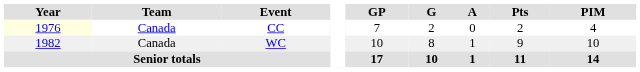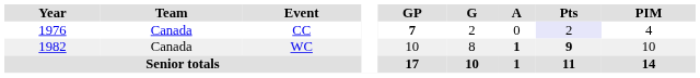 <table border="0" cellpadding="1" cellspacing="0" style="text-align:center; width:50em">
 <tr ALIGN="center" bgcolor="#e0e0e0">
 <th>Year</th>
 <th>Team</th>
 <th>Event</th>
 <th rowspan="99" bgcolor="#ffffff"> </th>
 <th>GP</th>
 <th>G</th>
 <th>A</th>
 <th>Pts</th>
 <th>PIM</th>
 </tr>
 <tr>
-<td style="background: lightyellow;"><a href='#'>1976</a></td>
+<td><a href='#'>1976</a></td>
 <td><a href='#'>Canada</a></td>
 <td><a href='#'>CC</a></td>
-<td>7</td>
+<td><strong>7</strong></td>
 <td>2</td>
 <td>0</td>
-<td>2</td>
+<td style="background: lavender;">2</td>
 <td>4</td>
 </tr>
 <tr bgcolor="#f0f0f0">
 <td><a href='#'>1982</a></td>
 <td>Canada</td>
 <td><a href='#'>WC</a></td>
 <td>10</td>
 <td>8</td>
-<td>1</td>
-<td>9</td>
+<td><strong>1</strong></td>
+<td><strong>9</strong></td>
 <td>10</td>
 </tr>
 <tr bgcolor="#e0e0e0">
 <th colspan=3>Senior totals</th>
 <th>17</th>
 <th>10</th>
 <th>1</th>
 <th>11</th>
 <th>14</th>
 </tr>
 </table>
